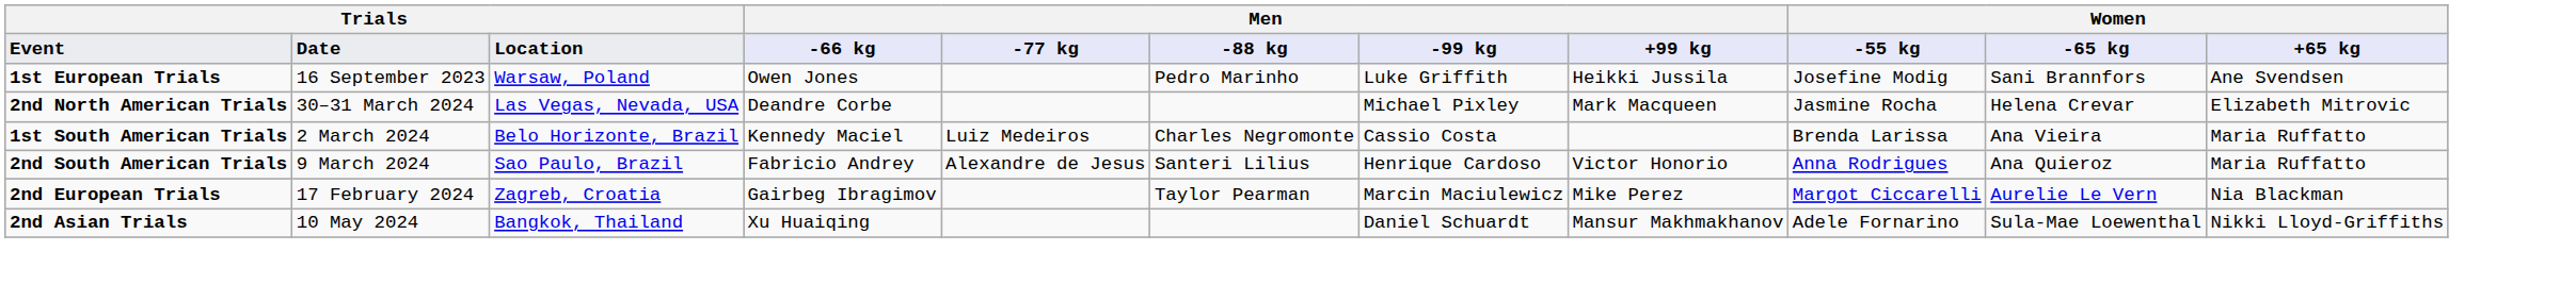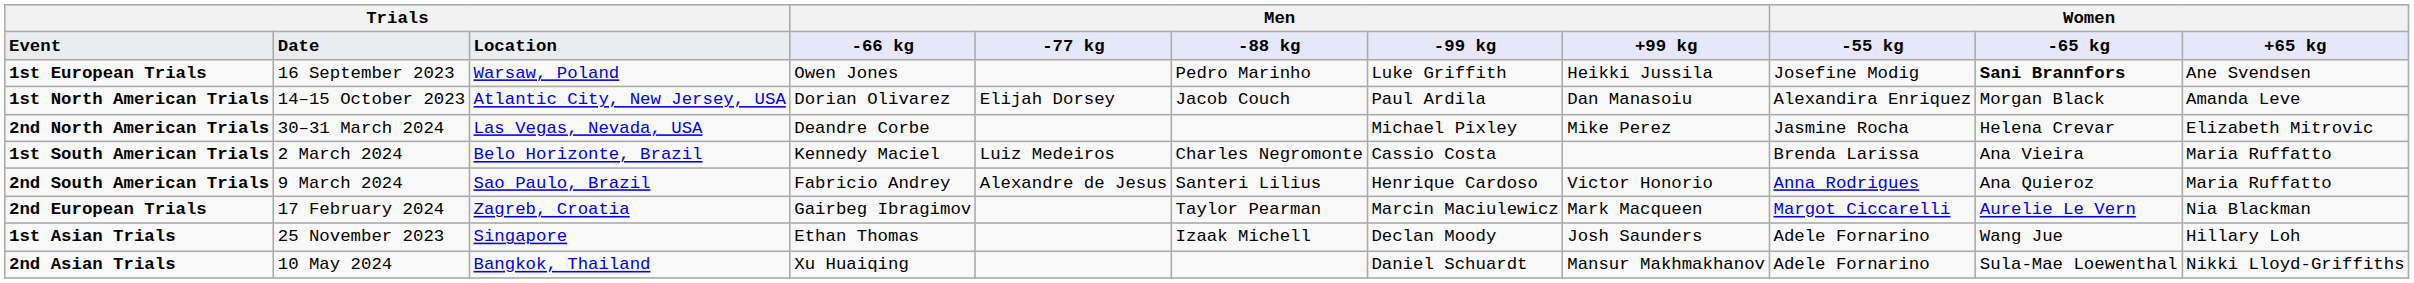 <table class="wikitable" style="font-size: 85%;">
 <tr>
 <th colspan="3" style="width: 80px"><strong>Trials</strong></th>
 <th colspan="5" style="width: 110px"><strong>Men</strong></th>
 <th colspan="3" style="width: 110px"><strong>Women</strong></th>
 </tr>
 <tr>
 <td style="background-color: #EAECF0"><strong>Event</strong></td>
 <td style="background-color: #EAECF0"><strong>Date</strong></td>
 <td style="background-color: #EAECF0"><strong>Location</strong></td>
 <th colspan="1" style="background-color: #E6E8FA; color: #000000; text-align: center;">-66 kg</th>
 <th colspan="1" style="background-color: #E6E8FA; color: #000000; text-align: center;">-77 kg</th>
 <th colspan="1" style="background-color: #E6E8FA; color: #000000; text-align: center;">-88 kg</th>
 <th colspan="1" style="background-color: #E6E8FA; color: #000000; text-align: center;">-99 kg</th>
 <th colspan="1" style="background-color: #E6E8FA; color: #000000; text-align: center;">+99 kg</th>
 <th colspan="1" style="background-color: #E6E8FA; color: #000000; text-align: center;">-55 kg</th>
 <th colspan="1" style="background-color: #E6E8FA; color: #000000; text-align: center;">-65 kg</th>
 <th colspan="1" style="background-color: #E6E8FA; color: #000000; text-align: center;">+65 kg</th>
 </tr>
 <tr>
 <td><strong>1st European Trials</strong></td>
 <td>16 September 2023</td>
 <td> <a href='#'>Warsaw, Poland</a></td>
 <td>Owen Jones</td>
 <td></td>
 <td>Pedro Marinho</td>
 <td> Luke Griffith</td>
 <td> Heikki Jussila</td>
 <td> Josefine Modig</td>
-<td> Sani Brannfors</td>
+<td><strong> Sani Brannfors</strong></td>
 <td>Ane Svendsen</td>
+</tr>
+<tr>
+<td><strong>1st North American Trials</strong></td>
+<td>14–15 October 2023</td>
+<td> <a href='#'>Atlantic City, New Jersey, USA</a></td>
+<td>Dorian Olivarez</td>
+<td>Elijah Dorsey</td>
+<td>Jacob Couch</td>
+<td>Paul Ardila</td>
+<td>Dan Manasoiu</td>
+<td>Alexandira Enriquez</td>
+<td>Morgan Black</td>
+<td>Amanda Leve</td>
 </tr>
 <tr>
 <td><strong>2nd North American Trials</strong></td>
 <td>30–31 March 2024</td>
 <td> <a href='#'>Las Vegas, Nevada, USA</a></td>
 <td>Deandre Corbe</td>
 <td></td>
 <td></td>
 <td>Michael Pixley</td>
-<td>Mark Macqueen</td>
+<td>Mike Perez</td>
 <td>Jasmine Rocha</td>
 <td>Helena Crevar</td>
 <td>Elizabeth Mitrovic</td>
 </tr>
 <tr>
 <td><strong>1st South American Trials</strong></td>
 <td>2 March 2024</td>
 <td> <a href='#'>Belo Horizonte, Brazil</a></td>
 <td>Kennedy Maciel</td>
 <td>Luiz Medeiros</td>
 <td>Charles Negromonte</td>
 <td>Cassio Costa</td>
 <td></td>
 <td>Brenda Larissa</td>
 <td>Ana Vieira</td>
 <td>Maria Ruffatto</td>
 </tr>
 <tr>
 <td><strong>2nd South American Trials</strong></td>
 <td>9 March 2024</td>
 <td> <a href='#'>Sao Paulo, Brazil</a></td>
 <td>Fabricio Andrey</td>
 <td>Alexandre de Jesus</td>
 <td> Santeri Lilius</td>
 <td>Henrique Cardoso</td>
 <td>Victor Honorio</td>
 <td><a href='#'>Anna Rodrigues</a></td>
 <td>Ana Quieroz</td>
 <td>Maria Ruffatto</td>
 </tr>
 <tr>
 <td><strong>2nd European Trials</strong></td>
 <td>17 February 2024</td>
 <td> <a href='#'>Zagreb, Croatia</a></td>
 <td>Gairbeg Ibragimov</td>
 <td></td>
 <td>Taylor Pearman</td>
 <td>Marcin Maciulewicz</td>
-<td>Mike Perez</td>
+<td>Mark Macqueen</td>
 <td><a href='#'>Margot Ciccarelli</a></td>
 <td><a href='#'>Aurelie Le Vern</a></td>
 <td>Nia Blackman</td>
+</tr>
+<tr>
+<td><strong>1st Asian Trials</strong></td>
+<td>25 November 2023</td>
+<td> <a href='#'>Singapore</a></td>
+<td>Ethan Thomas</td>
+<td></td>
+<td>Izaak Michell</td>
+<td> Declan Moody</td>
+<td>Josh Saunders</td>
+<td>Adele Fornarino</td>
+<td>Wang Jue</td>
+<td>Hillary Loh</td>
 </tr>
 <tr>
 <td><strong>2nd Asian Trials</strong></td>
 <td>10 May 2024</td>
 <td> <a href='#'>Bangkok, Thailand</a></td>
 <td> Xu Huaiqing</td>
 <td> </td>
 <td> </td>
 <td> Daniel Schuardt</td>
 <td> Mansur Makhmakhanov</td>
 <td> Adele Fornarino</td>
 <td> Sula-Mae Loewenthal</td>
 <td> Nikki Lloyd-Griffiths</td>
 </tr>
 </table>
